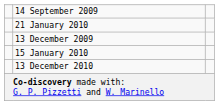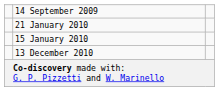 <table class="wikitable" style="font-size: 89%; float: left; width: 26em; margin-right: 1em;">
 <tr>
 <td></td>
 <td>14 September 2009</td>
 <td></td>
 </tr>
 <tr>
 <td></td>
 <td>21 January 2010</td>
-<td></td>
-</tr>
-<tr>
-<td></td>
-<td>13 December 2009</td>
 <td></td>
 </tr>
 <tr>
 <td></td>
 <td>15 January 2010</td>
 <td></td>
 </tr>
 <tr>
 <td></td>
 <td>13 December 2010</td>
 <td></td>
 </tr>
 <tr>
 <th colspan=3 style="font-weight: normal; text-align: left; padding: 5px 12px;"><strong>Co-discovery</strong> made with:<br> <a href='#'>G. P. Pizzetti</a> and  <a href='#'>W. Marinello</a></th>
 </tr>
 </table>
